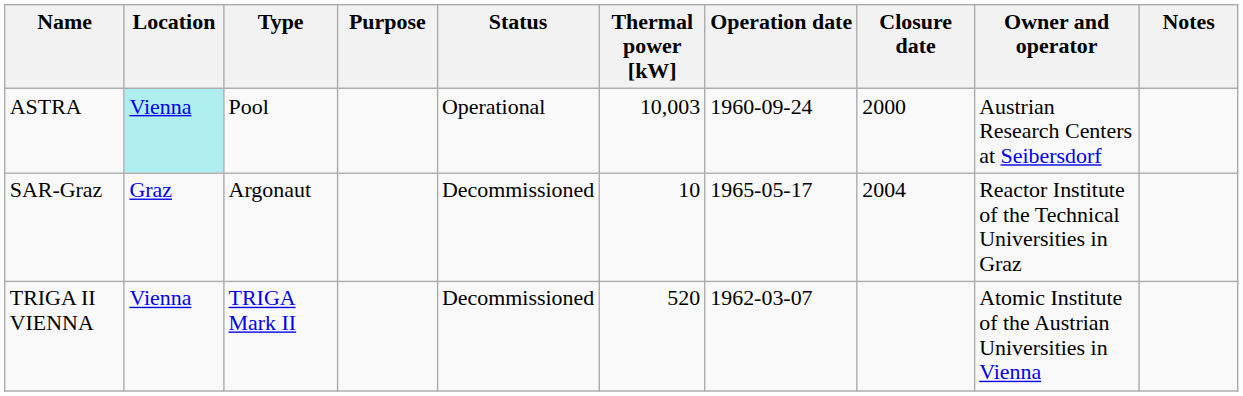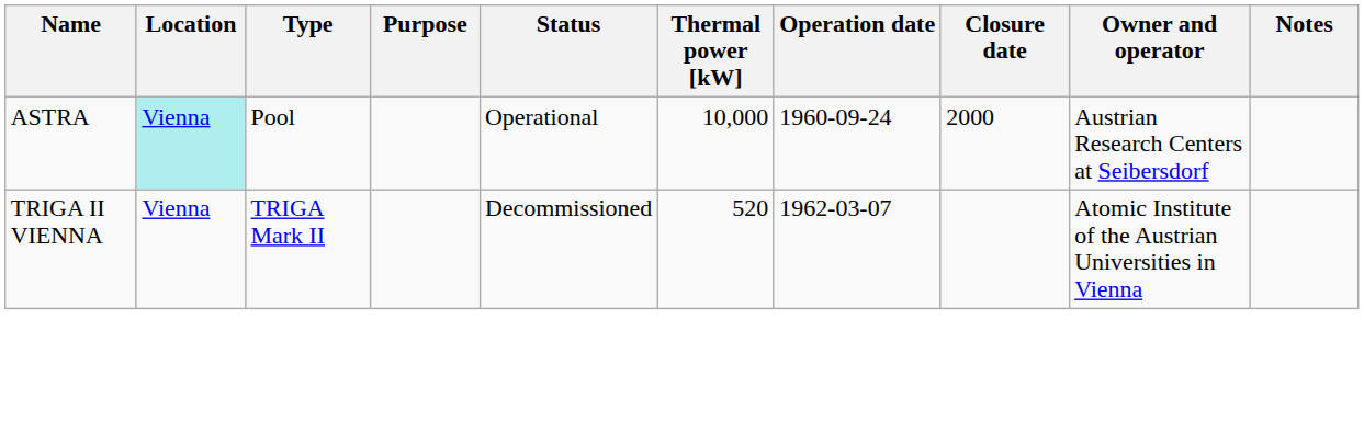 <table class="wikitable" >
 <tr valign="top">
 <th width="80">Name</th>
 <th width="65">Location</th>
 <th width="76">Type</th>
 <th width="65">Purpose</th>
 <th width="91">Status</th>
 <th width="70“">Thermal power [kW]</th>
 <th width=„67“>Operation date</th>
 <th width="78“">Closure date</th>
 <th width="113“">Owner and operator</th>
 <th width="65">Notes</th>
 </tr>
 <tr valign="top">
 <td>ASTRA</td>
 <td style="background: paleturquoise;"><a href='#'>Vienna</a></td>
 <td>Pool</td>
 <td></td>
 <td>Operational</td>
-<td align="right">10,003</td>
+<td align="right">10,000</td>
 <td>1960-09-24</td>
 <td>2000</td>
 <td>Austrian Research Centers at <a href='#'>Seibersdorf</a></td>
-<td></td>
-</tr>
-<tr valign="top">
-<td>SAR-Graz</td>
-<td><a href='#'>Graz</a></td>
-<td>Argonaut</td>
-<td></td>
-<td>Decommissioned</td>
-<td align="right">10</td>
-<td>1965-05-17</td>
-<td>2004</td>
-<td>Reactor Institute of the Technical Universities in Graz</td>
 <td></td>
 </tr>
 <tr valign="top">
 <td>TRIGA II VIENNA</td>
 <td><a href='#'>Vienna</a></td>
 <td><a href='#'>TRIGA Mark II</a></td>
 <td></td>
 <td>Decommissioned</td>
 <td align="right">520</td>
 <td>1962-03-07</td>
 <td></td>
 <td>Atomic Institute of the Austrian Universities in <a href='#'>Vienna</a></td>
 <td></td>
 </tr>
 </table>
